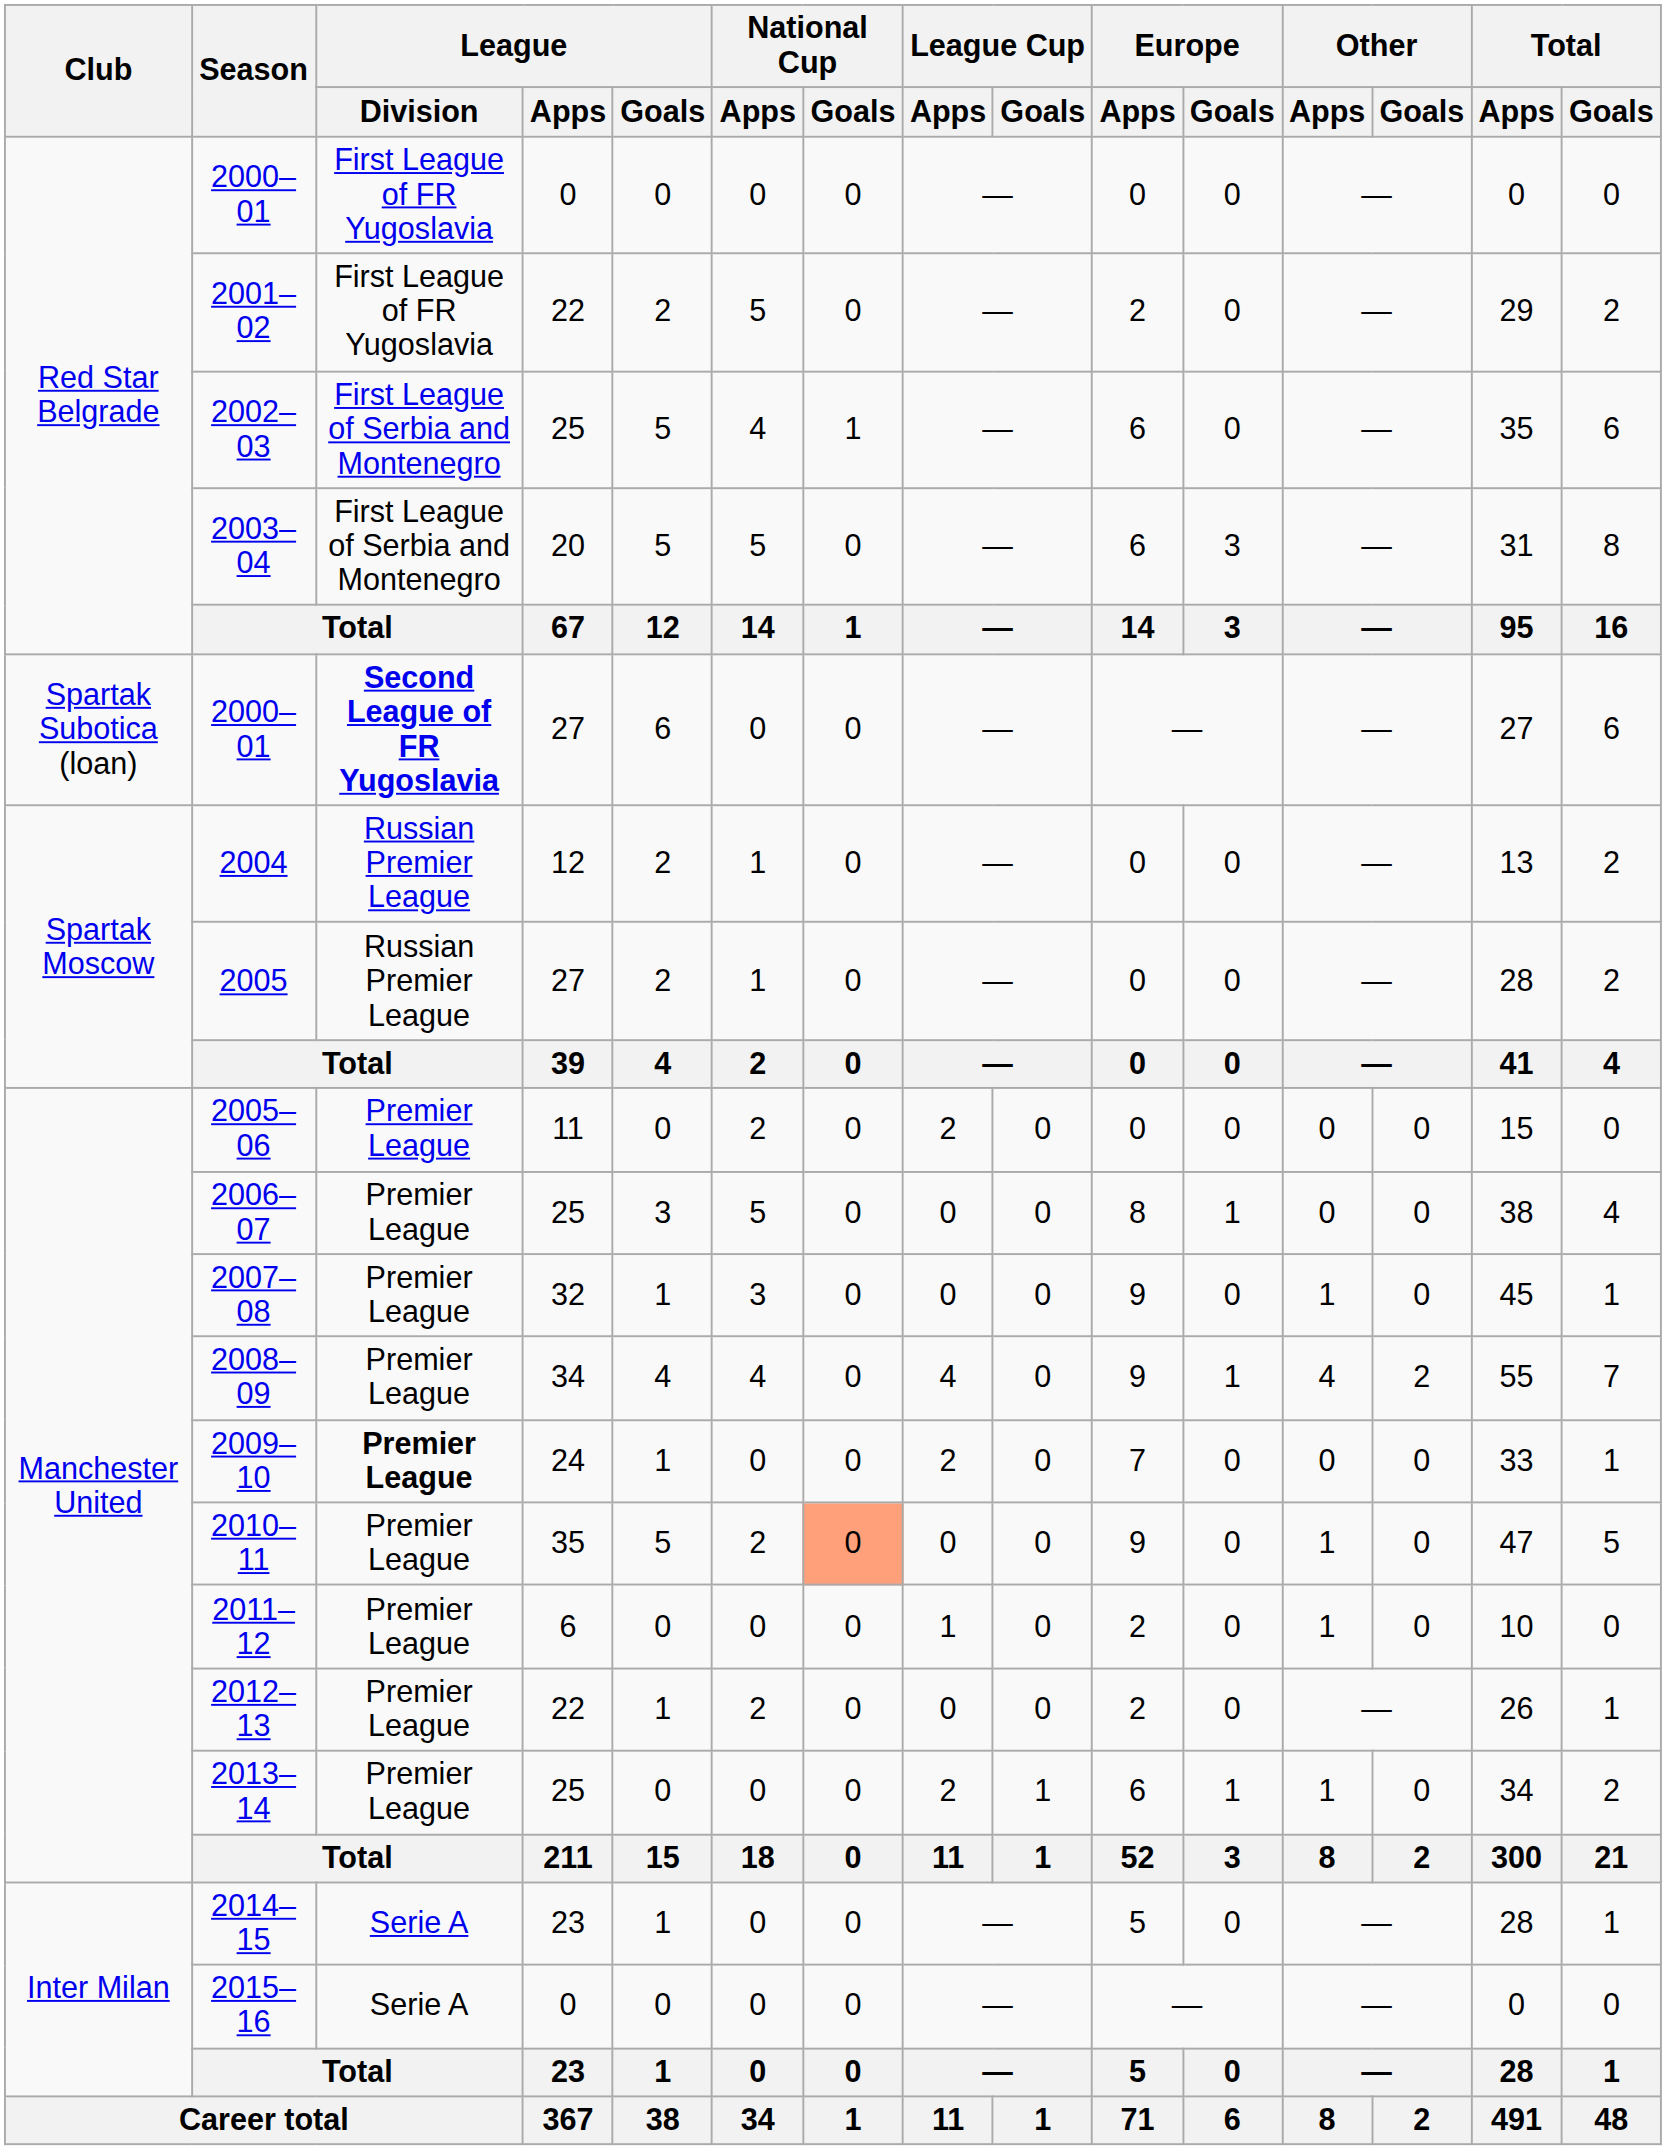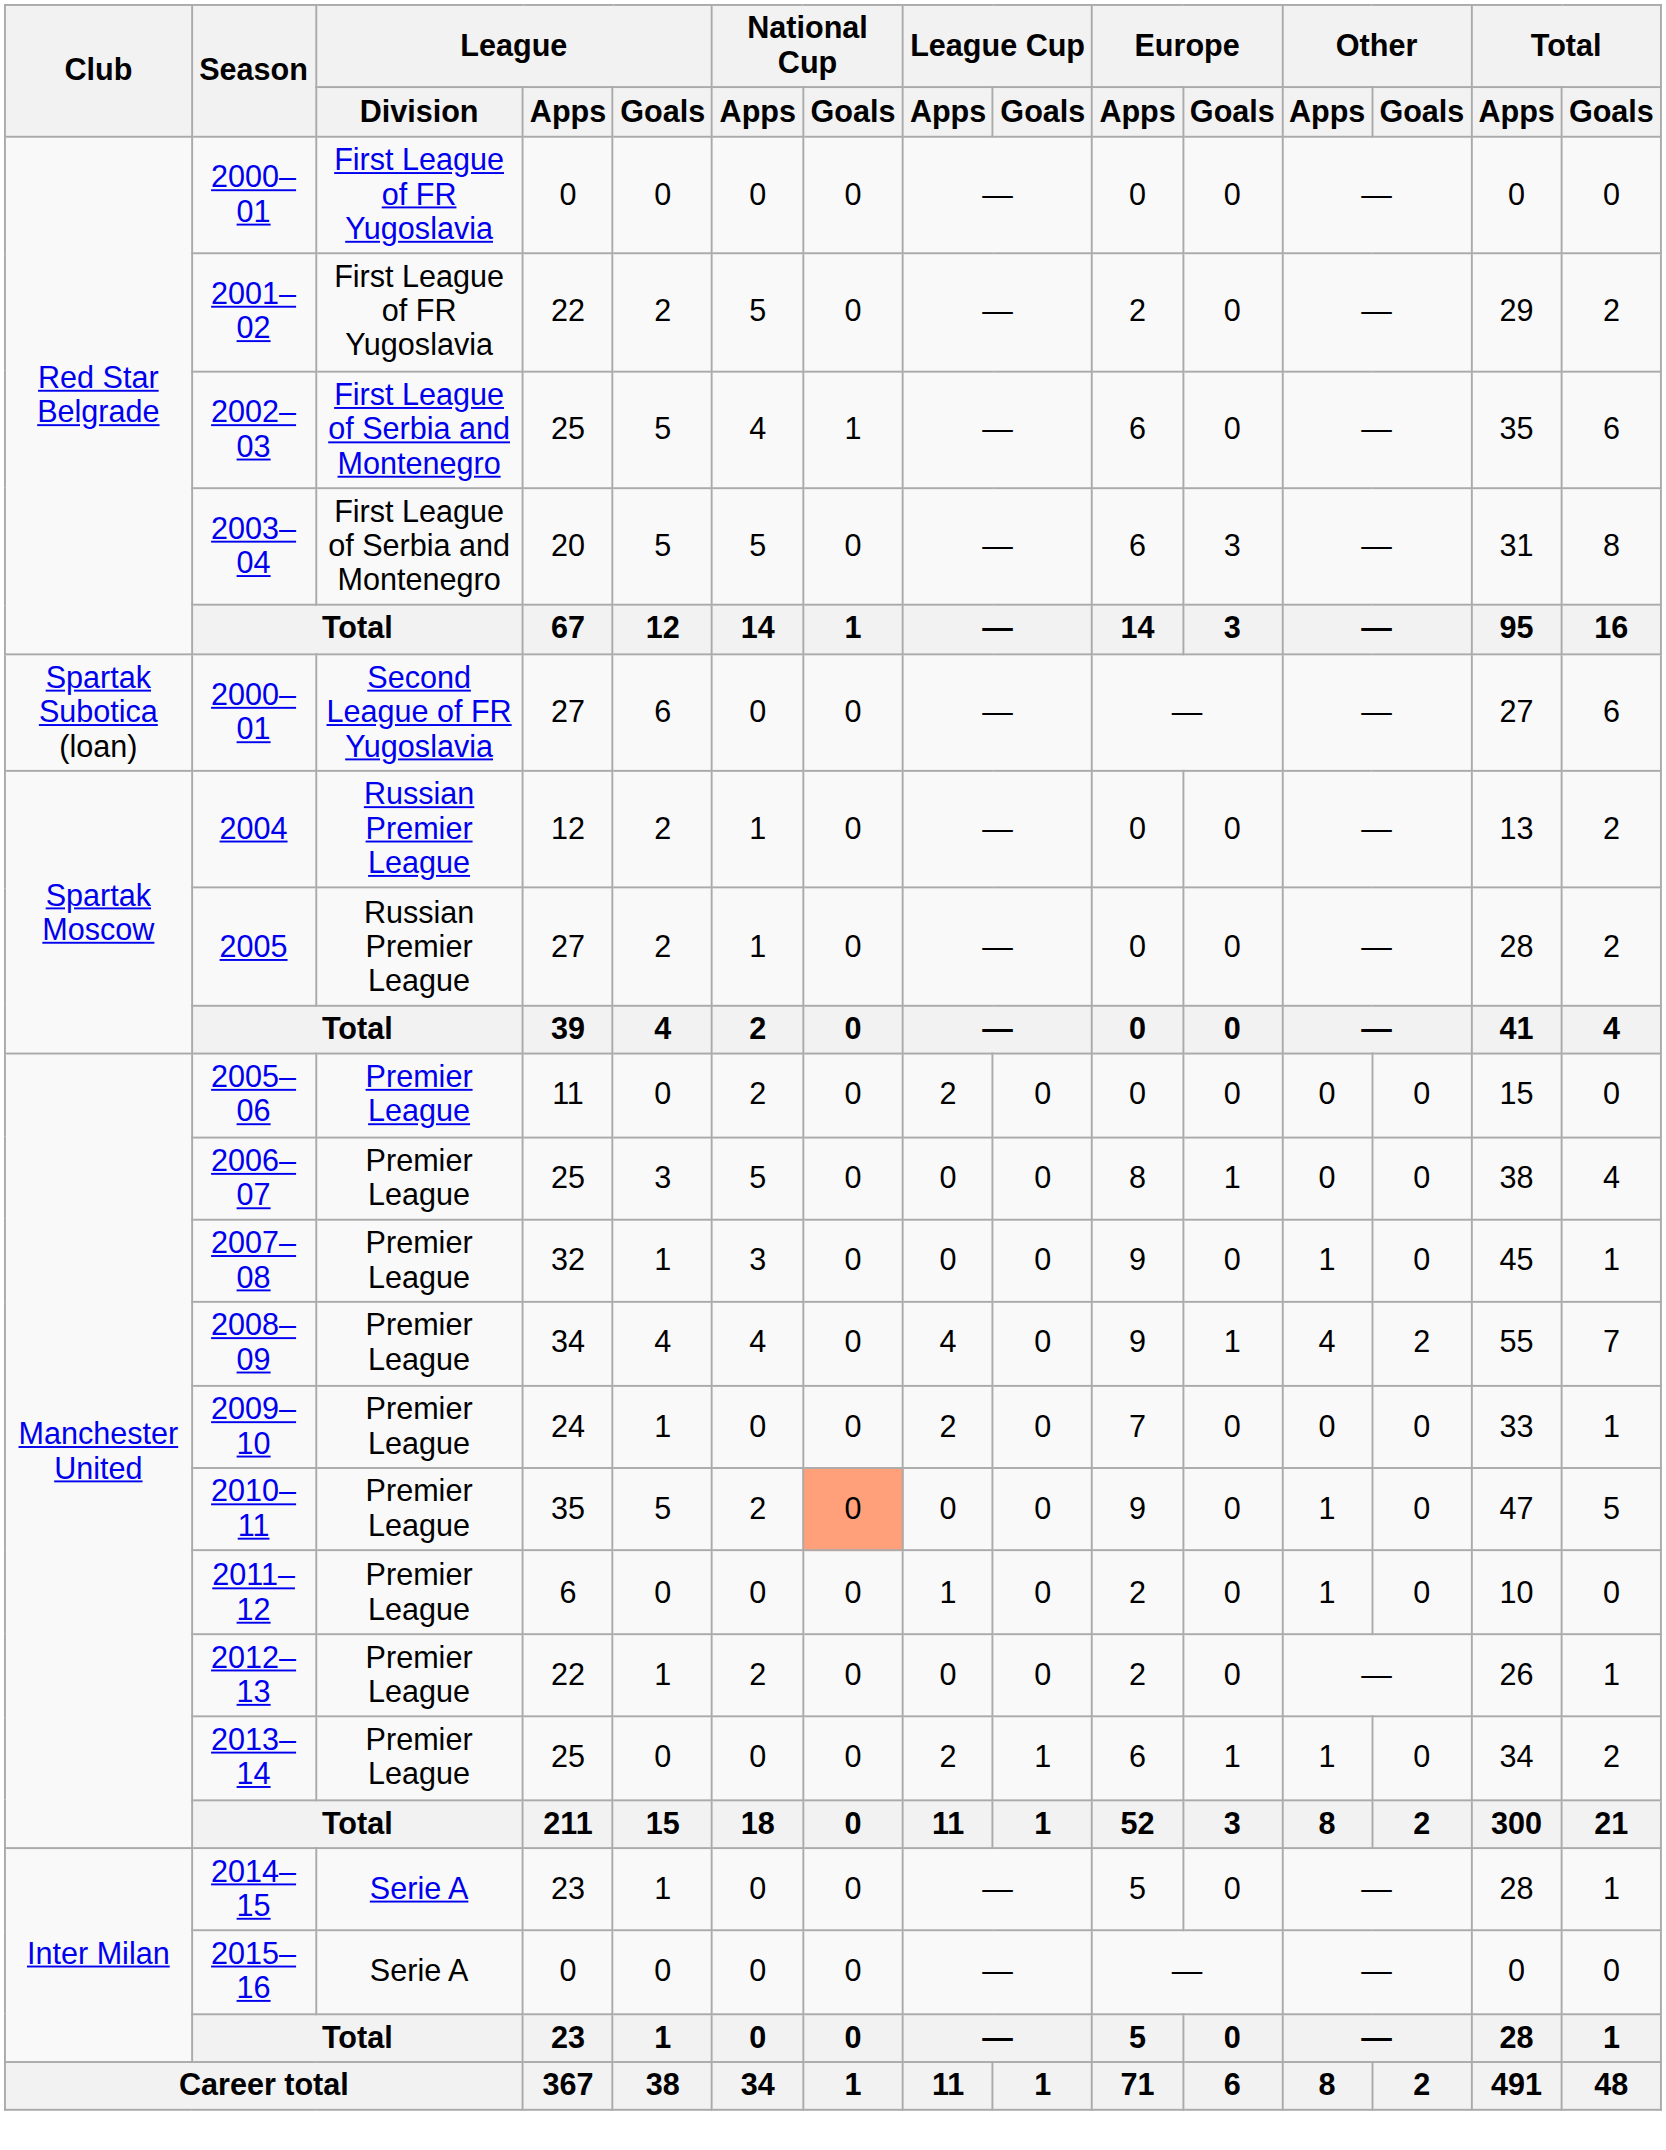 <table class="wikitable" style="text-align:center">
 <tr>
 <th rowspan="2">Club</th>
 <th rowspan="2">Season</th>
 <th colspan="3">League</th>
 <th colspan="2">National Cup</th>
 <th colspan="2">League Cup</th>
 <th colspan="2">Europe</th>
 <th colspan="2">Other</th>
 <th colspan="2">Total</th>
 </tr>
 <tr>
 <th>Division</th>
 <th>Apps</th>
 <th>Goals</th>
 <th>Apps</th>
 <th>Goals</th>
 <th>Apps</th>
 <th>Goals</th>
 <th>Apps</th>
 <th>Goals</th>
 <th>Apps</th>
 <th>Goals</th>
 <th>Apps</th>
 <th>Goals</th>
 </tr>
 <tr>
 <td rowspan="5"><a href='#'>Red Star Belgrade</a></td>
 <td><a href='#'>2000–01</a></td>
 <td><a href='#'>First League of FR Yugoslavia</a></td>
 <td>0</td>
 <td>0</td>
 <td>0</td>
 <td>0</td>
 <td colspan="2">—</td>
 <td>0</td>
 <td>0</td>
 <td colspan="2">—</td>
 <td>0</td>
 <td>0</td>
 </tr>
 <tr>
 <td><a href='#'>2001–02</a></td>
 <td>First League of FR Yugoslavia</td>
 <td>22</td>
 <td>2</td>
 <td>5</td>
 <td>0</td>
 <td colspan="2">—</td>
 <td>2</td>
 <td>0</td>
 <td colspan="2">—</td>
 <td>29</td>
 <td>2</td>
 </tr>
 <tr>
 <td><a href='#'>2002–03</a></td>
 <td><a href='#'>First League of Serbia and Montenegro</a></td>
 <td>25</td>
 <td>5</td>
 <td>4</td>
 <td>1</td>
 <td colspan="2">—</td>
 <td>6</td>
 <td>0</td>
 <td colspan="2">—</td>
 <td>35</td>
 <td>6</td>
 </tr>
 <tr>
 <td><a href='#'>2003–04</a></td>
 <td>First League of Serbia and Montenegro</td>
 <td>20</td>
 <td>5</td>
 <td>5</td>
 <td>0</td>
 <td colspan="2">—</td>
 <td>6</td>
 <td>3</td>
 <td colspan="2">—</td>
 <td>31</td>
 <td>8</td>
 </tr>
 <tr>
 <th colspan="2">Total</th>
 <th>67</th>
 <th>12</th>
 <th>14</th>
 <th>1</th>
 <th colspan="2">—</th>
 <th>14</th>
 <th>3</th>
 <th colspan="2">—</th>
 <th>95</th>
 <th>16</th>
 </tr>
 <tr>
 <td><a href='#'>Spartak Subotica</a> (loan)</td>
 <td><a href='#'>2000–01</a></td>
-<td><strong><a href='#'>Second League of FR Yugoslavia</a></strong></td>
+<td><a href='#'>Second League of FR Yugoslavia</a></td>
 <td>27</td>
 <td>6</td>
 <td>0</td>
 <td>0</td>
 <td colspan="2">—</td>
 <td colspan="2">—</td>
 <td colspan="2">—</td>
 <td>27</td>
 <td>6</td>
 </tr>
 <tr>
 <td rowspan="3"><a href='#'>Spartak Moscow</a></td>
 <td><a href='#'>2004</a></td>
 <td><a href='#'>Russian Premier League</a></td>
 <td>12</td>
 <td>2</td>
 <td>1</td>
 <td>0</td>
 <td colspan="2">—</td>
 <td>0</td>
 <td>0</td>
 <td colspan="2">—</td>
 <td>13</td>
 <td>2</td>
 </tr>
 <tr>
 <td><a href='#'>2005</a></td>
 <td>Russian Premier League</td>
 <td>27</td>
 <td>2</td>
 <td>1</td>
 <td>0</td>
 <td colspan="2">—</td>
 <td>0</td>
 <td>0</td>
 <td colspan="2">—</td>
 <td>28</td>
 <td>2</td>
 </tr>
 <tr>
 <th colspan="2">Total</th>
 <th>39</th>
 <th>4</th>
 <th>2</th>
 <th>0</th>
 <th colspan="2">—</th>
 <th>0</th>
 <th>0</th>
 <th colspan="2">—</th>
 <th>41</th>
 <th>4</th>
 </tr>
 <tr>
 <td rowspan="10"><a href='#'>Manchester United</a></td>
 <td><a href='#'>2005–06</a></td>
 <td><a href='#'>Premier League</a></td>
 <td>11</td>
 <td>0</td>
 <td>2</td>
 <td>0</td>
 <td>2</td>
 <td>0</td>
 <td>0</td>
 <td>0</td>
 <td>0</td>
 <td>0</td>
 <td>15</td>
 <td>0</td>
 </tr>
 <tr>
 <td><a href='#'>2006–07</a></td>
 <td>Premier League</td>
 <td>25</td>
 <td>3</td>
 <td>5</td>
 <td>0</td>
 <td>0</td>
 <td>0</td>
 <td>8</td>
 <td>1</td>
 <td>0</td>
 <td>0</td>
 <td>38</td>
 <td>4</td>
 </tr>
 <tr>
 <td><a href='#'>2007–08</a></td>
 <td>Premier League</td>
 <td>32</td>
 <td>1</td>
 <td>3</td>
 <td>0</td>
 <td>0</td>
 <td>0</td>
 <td>9</td>
 <td>0</td>
 <td>1</td>
 <td>0</td>
 <td>45</td>
 <td>1</td>
 </tr>
 <tr>
 <td><a href='#'>2008–09</a></td>
 <td>Premier League</td>
 <td>34</td>
 <td>4</td>
 <td>4</td>
 <td>0</td>
 <td>4</td>
 <td>0</td>
 <td>9</td>
 <td>1</td>
 <td>4</td>
 <td>2</td>
 <td>55</td>
 <td>7</td>
 </tr>
 <tr>
 <td><a href='#'>2009–10</a></td>
-<td><strong>Premier League</strong></td>
+<td>Premier League</td>
 <td>24</td>
 <td>1</td>
 <td>0</td>
 <td>0</td>
 <td>2</td>
 <td>0</td>
 <td>7</td>
 <td>0</td>
 <td>0</td>
 <td>0</td>
 <td>33</td>
 <td>1</td>
 </tr>
 <tr>
 <td><a href='#'>2010–11</a></td>
 <td>Premier League</td>
 <td>35</td>
 <td>5</td>
 <td>2</td>
 <td style="background: lightsalmon;">0</td>
 <td>0</td>
 <td>0</td>
 <td>9</td>
 <td>0</td>
 <td>1</td>
 <td>0</td>
 <td>47</td>
 <td>5</td>
 </tr>
 <tr>
 <td><a href='#'>2011–12</a></td>
 <td>Premier League</td>
 <td>6</td>
 <td>0</td>
 <td>0</td>
 <td>0</td>
 <td>1</td>
 <td>0</td>
 <td>2</td>
 <td>0</td>
 <td>1</td>
 <td>0</td>
 <td>10</td>
 <td>0</td>
 </tr>
 <tr>
 <td><a href='#'>2012–13</a></td>
 <td>Premier League</td>
 <td>22</td>
 <td>1</td>
 <td>2</td>
 <td>0</td>
 <td>0</td>
 <td>0</td>
 <td>2</td>
 <td>0</td>
 <td colspan="2">—</td>
 <td>26</td>
 <td>1</td>
 </tr>
 <tr>
 <td><a href='#'>2013–14</a></td>
 <td>Premier League</td>
 <td>25</td>
 <td>0</td>
 <td>0</td>
 <td>0</td>
 <td>2</td>
 <td>1</td>
 <td>6</td>
 <td>1</td>
 <td>1</td>
 <td>0</td>
 <td>34</td>
 <td>2</td>
 </tr>
 <tr>
 <th colspan="2">Total</th>
 <th>211</th>
 <th>15</th>
 <th>18</th>
 <th>0</th>
 <th>11</th>
 <th>1</th>
 <th>52</th>
 <th>3</th>
 <th>8</th>
 <th>2</th>
 <th>300</th>
 <th>21</th>
 </tr>
 <tr>
 <td rowspan="3"><a href='#'>Inter Milan</a></td>
 <td><a href='#'>2014–15</a></td>
 <td><a href='#'>Serie A</a></td>
 <td>23</td>
 <td>1</td>
 <td>0</td>
 <td>0</td>
 <td colspan="2">—</td>
 <td>5</td>
 <td>0</td>
 <td colspan="2">—</td>
 <td>28</td>
 <td>1</td>
 </tr>
 <tr>
 <td><a href='#'>2015–16</a></td>
 <td>Serie A</td>
 <td>0</td>
 <td>0</td>
 <td>0</td>
 <td>0</td>
 <td colspan="2">—</td>
 <td colspan="2">—</td>
 <td colspan="2">—</td>
 <td>0</td>
 <td>0</td>
 </tr>
 <tr>
 <th colspan="2">Total</th>
 <th>23</th>
 <th>1</th>
 <th>0</th>
 <th>0</th>
 <th colspan="2">—</th>
 <th>5</th>
 <th>0</th>
 <th colspan="2">—</th>
 <th>28</th>
 <th>1</th>
 </tr>
 <tr>
 <th colspan="3">Career total</th>
 <th>367</th>
 <th>38</th>
 <th>34</th>
 <th>1</th>
 <th>11</th>
 <th>1</th>
 <th>71</th>
 <th>6</th>
 <th>8</th>
 <th>2</th>
 <th>491</th>
 <th>48</th>
 </tr>
 </table>
